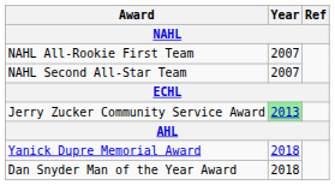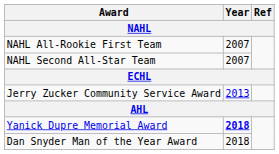 <table class="wikitable">
 <tr>
 <th>Award</th>
 <th>Year</th>
 <th>Ref</th>
 </tr>
 <tr>
 <th colspan="3"><a href='#'>NAHL</a></th>
 </tr>
 <tr>
 <td>NAHL All-Rookie First Team</td>
 <td>2007</td>
 <td rowspan="2"></td>
 </tr>
 <tr>
 <td>NAHL Second All-Star Team</td>
 <td>2007</td>
 </tr>
 <tr>
 <th colspan="3"><a href='#'>ECHL</a></th>
 </tr>
 <tr>
 <td>Jerry Zucker Community Service Award</td>
-<td style="background: lightgreen;"><a href='#'>2013</a></td>
+<td><a href='#'>2013</a></td>
 <td></td>
 </tr>
 <tr>
 <th colspan="3"><a href='#'>AHL</a></th>
 </tr>
 <tr>
 <td><a href='#'>Yanick Dupre Memorial Award</a></td>
-<td><a href='#'>2018</a></td>
+<td><strong><a href='#'>2018</a></strong></td>
 <td rowspan="2"></td>
 </tr>
 <tr>
 <td>Dan Snyder Man of the Year Award</td>
 <td>2018</td>
 </tr>
 </table>
